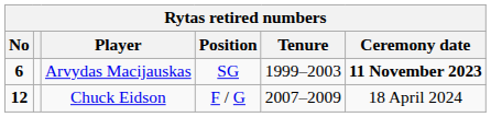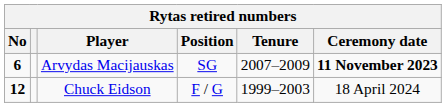 <table class="wikitable" style="text-align:center">
 <tr>
 <th colspan=6>Rytas retired numbers</th>
 </tr>
 <tr>
 <th>No</th>
 <th></th>
 <th>Player</th>
 <th>Position</th>
 <th>Tenure</th>
 <th>Ceremony date</th>
 </tr>
 <tr>
 <td><strong>6</strong></td>
 <td></td>
 <td><a href='#'>Arvydas Macijauskas</a></td>
 <td><a href='#'>SG</a></td>
-<td>1999–2003</td>
+<td>2007–2009</td>
 <td><strong>11 November 2023</strong></td>
 </tr>
 <tr>
 <td><strong>12</strong></td>
 <td></td>
 <td><a href='#'>Chuck Eidson</a></td>
 <td><a href='#'>F</a> / <a href='#'>G</a></td>
-<td>2007–2009</td>
+<td>1999–2003</td>
 <td>18 April 2024</td>
 </tr>
 </table>
